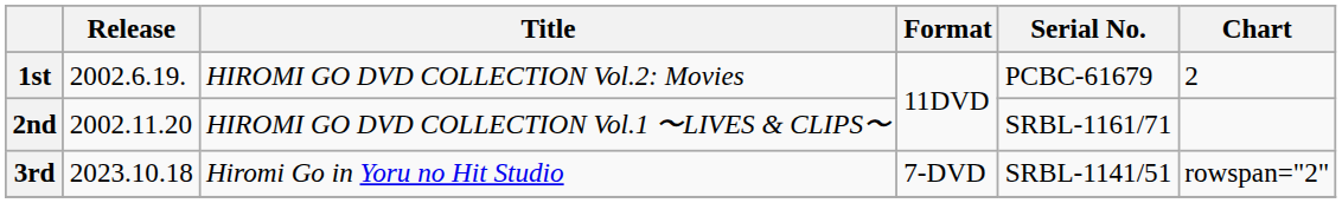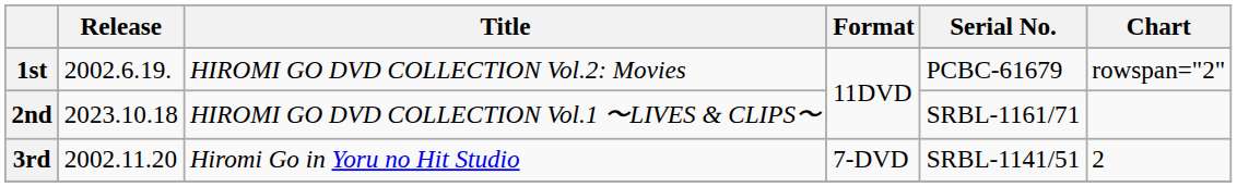 <table class="wikitable" style="font-size:small;">
 <tr>
 <th></th>
 <th>Release</th>
 <th>Title</th>
 <th>Format</th>
 <th>Serial No.</th>
 <th>Chart</th>
 </tr>
 <tr>
 <th>1st</th>
 <td>2002.6.19.</td>
 <td><em>HIROMI GO DVD COLLECTION Vol.2: Movies</em></td>
 <td rowspan="2">11DVD</td>
 <td>PCBC-61679</td>
-<td>2</td>
+<td>rowspan="2"</td>
 </tr>
 <tr>
 <th>2nd</th>
-<td>2002.11.20</td>
+<td>2023.10.18</td>
 <td><em>HIROMI GO DVD COLLECTION Vol.1 〜LIVES & CLIPS〜</em></td>
 <td>SRBL-1161/71</td>
 </tr>
 <tr>
 <th>3rd</th>
-<td>2023.10.18</td>
+<td>2002.11.20</td>
 <td><em>Hiromi Go in <a href='#'>Yoru no Hit Studio</a> </em></td>
 <td>7-DVD</td>
 <td>SRBL-1141/51</td>
-<td>rowspan="2"</td>
+<td>2</td>
 </tr>
 <tr>
 </tr>
 </table>
